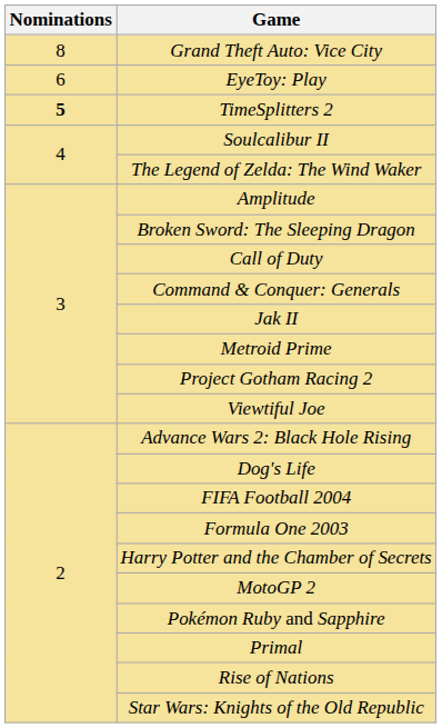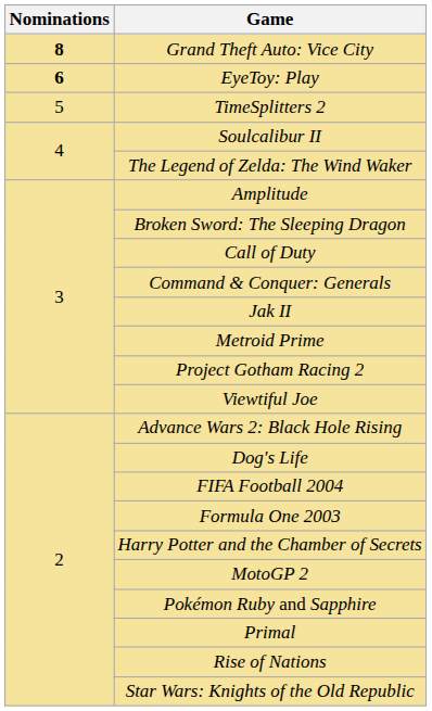 <table class="wikitable" rowspan=2 border="2" cellpadding="4" style="text-align: center; background: #f6e39c">
 <tr>
 <th scope="col" width="55">Nominations</th>
 <th scope="col" align="center">Game</th>
 </tr>
 <tr>
-<td style="text-align:center">8</td>
+<td style="text-align:center"><strong>8</strong></td>
 <td><em>Grand Theft Auto: Vice City</em></td>
 </tr>
 <tr>
-<td style="text-align:center">6</td>
+<td style="text-align:center"><strong>6</strong></td>
 <td><em>EyeToy: Play</em></td>
 </tr>
 <tr>
-<td style="text-align:center"><strong>5</strong></td>
+<td style="text-align:center">5</td>
 <td><em>TimeSplitters 2</em></td>
 </tr>
 <tr>
 <td rowspan=2 style="text-align:center">4</td>
 <td><em>Soulcalibur II</em></td>
 </tr>
 <tr>
 <td><em>The Legend of Zelda: The Wind Waker</em></td>
 </tr>
 <tr>
 <td rowspan=8 style="text-align:center">3</td>
 <td><em>Amplitude</em></td>
 </tr>
 <tr>
 <td><em>Broken Sword: The Sleeping Dragon</em></td>
 </tr>
 <tr>
 <td><em>Call of Duty</em></td>
 </tr>
 <tr>
 <td><em>Command & Conquer: Generals</em></td>
 </tr>
 <tr>
 <td><em>Jak II</em></td>
 </tr>
 <tr>
 <td><em>Metroid Prime</em></td>
 </tr>
 <tr>
 <td><em>Project Gotham Racing 2</em></td>
 </tr>
 <tr>
 <td><em>Viewtiful Joe</em></td>
 </tr>
 <tr>
 <td rowspan=15 style="text-align:center">2</td>
 <td><em>Advance Wars 2: Black Hole Rising</em></td>
 </tr>
 <tr>
 <td><em>Dog's Life</em></td>
 </tr>
 <tr>
 <td><em>FIFA Football 2004</em></td>
 </tr>
 <tr>
 <td><em>Formula One 2003</em></td>
 </tr>
 <tr>
 <td><em>Harry Potter and the Chamber of Secrets</em></td>
 </tr>
 <tr>
 <td><em>MotoGP 2</em></td>
 </tr>
 <tr>
 <td><em>Pokémon Ruby</em> and <em>Sapphire</em></td>
 </tr>
 <tr>
 <td><em>Primal</em></td>
 </tr>
 <tr>
 <td><em>Rise of Nations</em></td>
 </tr>
 <tr>
 <td><em>Star Wars: Knights of the Old Republic</em></td>
 </tr>
 </table>
